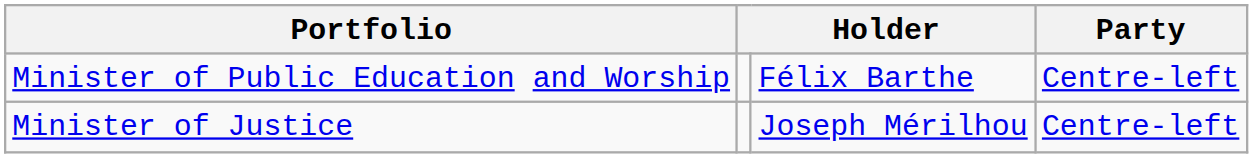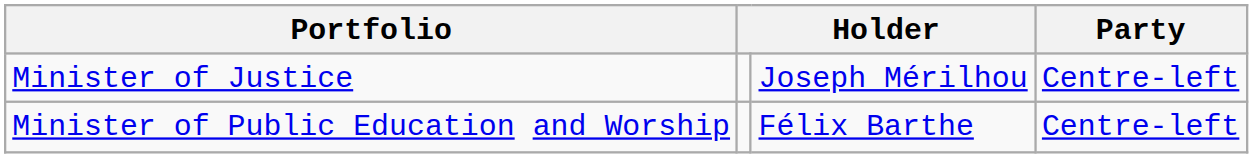 <table class="wikitable">
 <tr>
 <th>Portfolio</th>
 <th colspan=2>Holder</th>
 <th>Party</th>
 </tr>
 <tr>
+<td><a href='#'>Minister of Justice</a></td>
+<td style="background:"></td>
+<td><a href='#'>Joseph Mérilhou</a></td>
+<td><a href='#'>Centre-left</a></td>
+</tr>
+<tr>
 <td><a href='#'>Minister of Public Education</a> <a href='#'>and Worship</a></td>
 <td style="background:"></td>
 <td><a href='#'>Félix Barthe</a></td>
 <td><a href='#'>Centre-left</a></td>
 </tr>
-<tr>
-<td><a href='#'>Minister of Justice</a></td>
-<td style="background:"></td>
-<td><a href='#'>Joseph Mérilhou</a></td>
-<td><a href='#'>Centre-left</a></td>
-</tr>
 </table>
